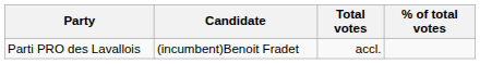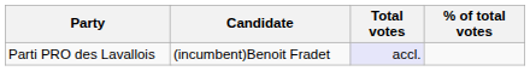 <table style="width:600px;" class="wikitable">
 <tr style="background-color:#E9E9E9">
 <th colspan="2" style="width: 200px">Party</th>
 <th colspan="1" style="width: 200px">Candidate</th>
 <th align="right">Total votes</th>
 <th align="right">% of total votes</th>
 </tr>
 <tr>
 <td colspan="2" align="left">Parti PRO des Lavallois</td>
 <td align="left">(incumbent)Benoit Fradet</td>
-<td align="right">accl.</td>
+<td align="right" style="background: lavender;">accl.</td>
 <td align="right"></td>
 </tr>
 </table>
